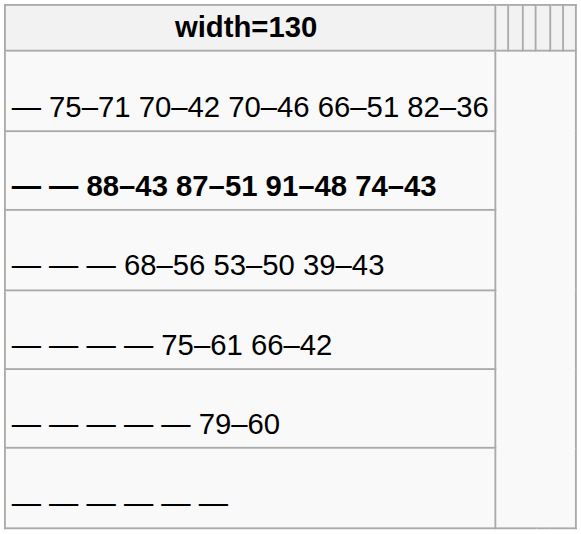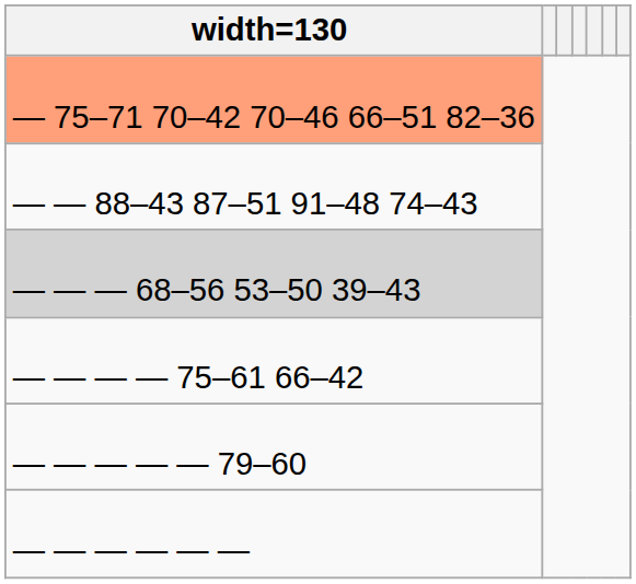 <table class="wikitable" style="text-align:center;">
 <tr>
 <th>width=130 </th>
 <th></th>
 <th></th>
 <th></th>
 <th></th>
 <th></th>
 <th></th>
 </tr>
 <tr>
-<td style="text-align:left;"><br> —  75–71  70–42  70–46  66–51  82–36</td>
+<td style="background: lightsalmon; text-align:left;"><br> —  75–71  70–42  70–46  66–51  82–36</td>
 </tr>
 <tr>
-<td style="text-align:left;"><strong><br> —  —  88–43  87–51  91–48  74–43</strong></td>
+<td style="text-align:left;"><br> —  —  88–43  87–51  91–48  74–43</td>
 </tr>
 <tr>
-<td style="text-align:left;"><br> —  —  —  68–56  53–50  39–43</td>
+<td style="background: lightgrey; text-align:left;"><br> —  —  —  68–56  53–50  39–43</td>
 </tr>
 <tr>
 <td style="text-align:left;"><br> —  —  —  —  75–61  66–42</td>
 </tr>
 <tr>
 <td style="text-align:left;"><br> —  —  —  —  —  79–60</td>
 </tr>
 <tr>
 <td style="text-align:left;"><br> —  —  —  —  —  —</td>
 </tr>
 </table>
